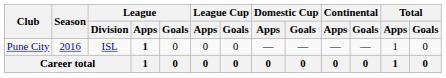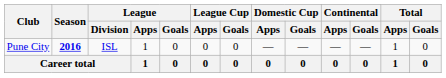 <table class="wikitable" style="text-align: center;">
 <tr>
 <th rowspan="2">Club</th>
 <th rowspan="2">Season</th>
 <th colspan="3">League</th>
 <th colspan="2">League Cup</th>
 <th colspan="2">Domestic Cup</th>
 <th colspan="2">Continental</th>
 <th colspan="2">Total</th>
 </tr>
 <tr>
 <th>Division</th>
 <th>Apps</th>
 <th>Goals</th>
 <th>Apps</th>
 <th>Goals</th>
 <th>Apps</th>
 <th>Goals</th>
 <th>Apps</th>
 <th>Goals</th>
 <th>Apps</th>
 <th>Goals</th>
 </tr>
 <tr>
 <td rowspan="1"><a href='#'>Pune City</a></td>
-<td><a href='#'>2016</a></td>
+<td><strong><a href='#'>2016</a></strong></td>
 <td><a href='#'>ISL</a></td>
-<td><strong>1</strong></td>
+<td>1</td>
 <td>0</td>
 <td>0</td>
 <td>0</td>
 <td>—</td>
 <td>—</td>
 <td>—</td>
 <td>—</td>
 <td>1</td>
 <td>0</td>
 </tr>
 <tr>
 <th colspan="3">Career total</th>
 <th>1</th>
 <th>0</th>
 <th>0</th>
 <th>0</th>
 <th>0</th>
 <th>0</th>
 <th>0</th>
 <th>0</th>
 <th>1</th>
 <th>0</th>
 </tr>
 </table>
